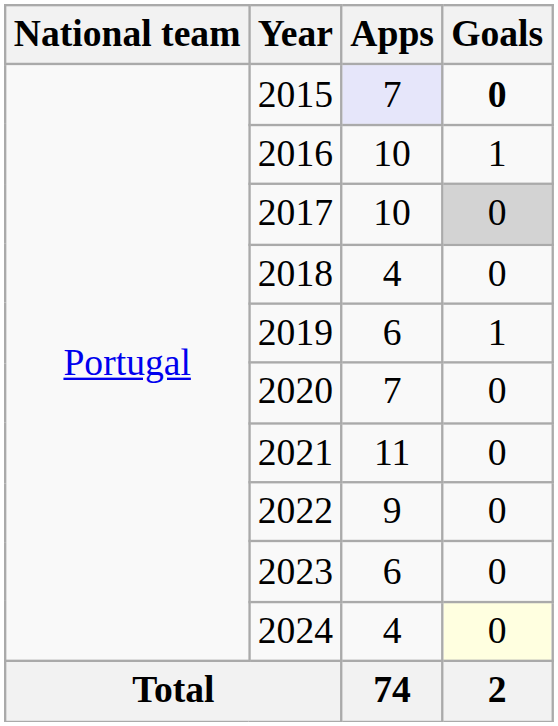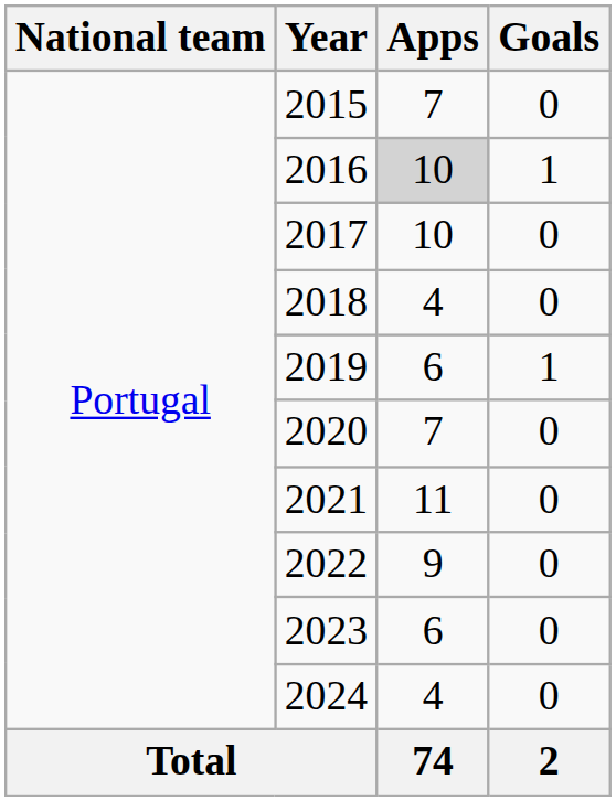 <table class="wikitable" style="text-align: center;">
 <tr>
 <th>National team</th>
 <th>Year</th>
 <th>Apps</th>
 <th>Goals</th>
 </tr>
 <tr>
 <td rowspan="10"><a href='#'>Portugal</a></td>
 <td>2015</td>
-<td style="background: lavender;">7</td>
-<td><strong>0</strong></td>
+<td>7</td>
+<td>0</td>
 </tr>
 <tr>
 <td>2016</td>
-<td>10</td>
+<td style="background: lightgrey;">10</td>
 <td>1</td>
 </tr>
 <tr>
 <td>2017</td>
 <td>10</td>
-<td style="background: lightgrey;">0</td>
+<td>0</td>
 </tr>
 <tr>
 <td>2018</td>
 <td>4</td>
 <td>0</td>
 </tr>
 <tr>
 <td>2019</td>
 <td>6</td>
 <td>1</td>
 </tr>
 <tr>
 <td>2020</td>
 <td>7</td>
 <td>0</td>
 </tr>
 <tr>
 <td>2021</td>
 <td>11</td>
 <td>0</td>
 </tr>
 <tr>
 <td>2022</td>
 <td>9</td>
 <td>0</td>
 </tr>
 <tr>
 <td>2023</td>
 <td>6</td>
 <td>0</td>
 </tr>
 <tr>
 <td>2024</td>
 <td>4</td>
-<td style="background: lightyellow;">0</td>
+<td>0</td>
 </tr>
 <tr>
 <th colspan=2>Total</th>
 <th>74</th>
 <th>2</th>
 </tr>
 </table>
